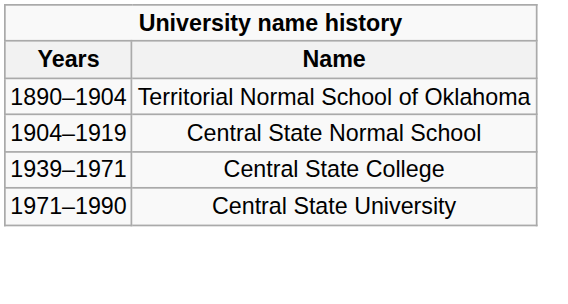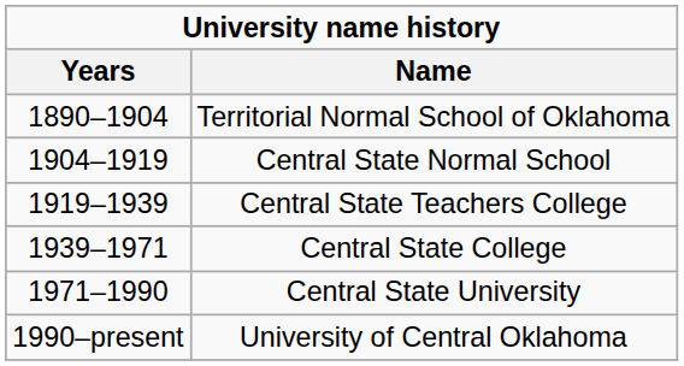 <table class="wikitable floatleft"; style= "font-size:85%; text-align:center">
 <tr>
 <td colspan="2" style="text-align:center; font-size:100%; "><strong>University name history</strong> </td>
 </tr>
 <tr>
 <th>Years</th>
 <th>Name</th>
 </tr>
 <tr>
 <td>1890–1904</td>
 <td>Territorial Normal School of Oklahoma</td>
 </tr>
 <tr>
 <td>1904–1919</td>
 <td>Central State Normal School</td>
 </tr>
 <tr>
+<td>1919–1939</td>
+<td>Central State Teachers College</td>
+</tr>
+<tr>
 <td>1939–1971</td>
 <td>Central State College</td>
 </tr>
 <tr>
 <td>1971–1990</td>
 <td>Central State University</td>
 </tr>
+<tr>
+<td>1990–present</td>
+<td>University of Central Oklahoma</td>
+</tr>
 </table>
